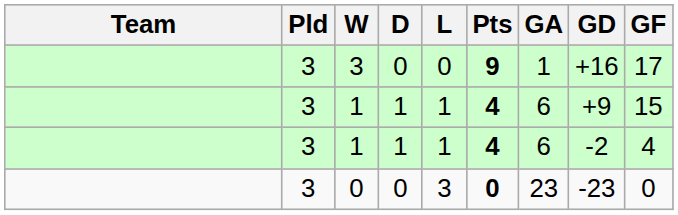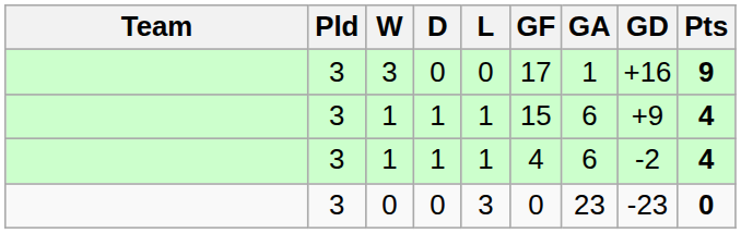 <table class="wikitable" style="text-align: center;">
 <tr>
 <th width=165>Team</th>
 <th width=20>Pld</th>
 <th width=20>W</th>
 <th width=20>D</th>
 <th width=20>L</th>
-<th width=20>Pts</th>
+<th width=20>GF</th>
 <th width=20>GA</th>
 <th width=20>GD</th>
-<th width=20>GF</th>
+<th width=20>Pts</th>
 </tr>
 <tr bgcolor=ccffcc>
 <td align="left"></td>
 <td>3</td>
 <td>3</td>
 <td>0</td>
 <td>0</td>
-<td><strong>9</strong></td>
+<td>17</td>
 <td>1</td>
 <td>+16</td>
-<td>17</td>
+<td><strong>9</strong></td>
 </tr>
 <tr bgcolor=ccffcc>
 <td align="left"></td>
 <td>3</td>
 <td>1</td>
 <td>1</td>
 <td>1</td>
-<td><strong>4</strong></td>
+<td>15</td>
 <td>6</td>
 <td>+9</td>
-<td>15</td>
+<td><strong>4</strong></td>
 </tr>
 <tr bgcolor=ccffcc>
 <td align="left"></td>
 <td>3</td>
 <td>1</td>
 <td>1</td>
 <td>1</td>
-<td><strong>4</strong></td>
+<td>4</td>
 <td>6</td>
 <td>-2</td>
-<td>4</td>
+<td><strong>4</strong></td>
 </tr>
 <tr>
 <td align="left"></td>
 <td>3</td>
 <td>0</td>
 <td>0</td>
 <td>3</td>
-<td><strong>0</strong></td>
+<td>0</td>
 <td>23</td>
 <td>-23</td>
-<td>0</td>
+<td><strong>0</strong></td>
 </tr>
 </table>
